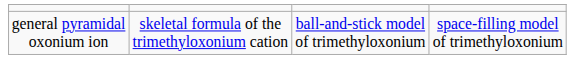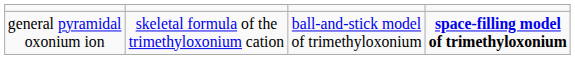 <table class="wikitable" style="margin:1em auto; text-align:center;">
 <tr>
 <td></td>
 <td></td>
 <td></td>
 <td></td>
 </tr>
 <tr>
 <td>general <a href='#'>pyramidal</a><br>oxonium ion</td>
 <td><a href='#'>skeletal formula</a> of the<br><a href='#'>trimethyloxonium</a> cation</td>
 <td><a href='#'>ball-and-stick model</a><br>of trimethyloxonium</td>
-<td><a href='#'>space-filling model</a><br>of trimethyloxonium</td>
+<td><strong><a href='#'>space-filling model</a><br>of trimethyloxonium</strong></td>
 </tr>
 </table>
